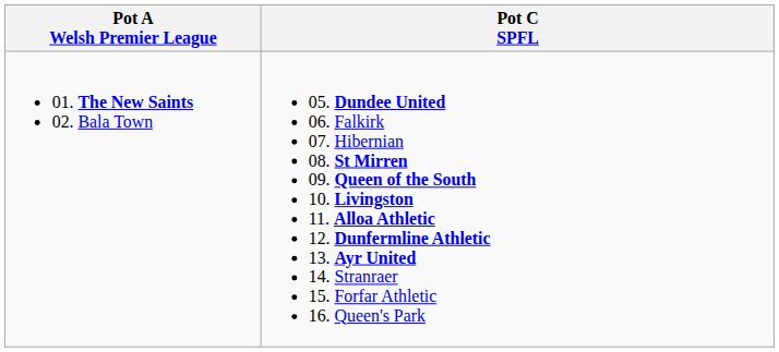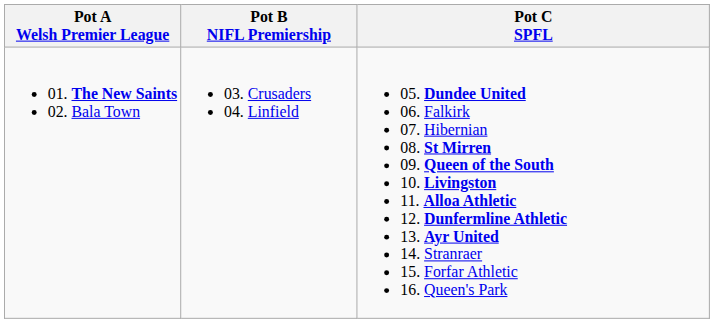 <table class="wikitable">
 <tr>
 <th style="width:25%;">Pot A<br> <a href='#'>Welsh Premier League</a></th>
+<th style="width:25%;">Pot B<br> <a href='#'>NIFL Premiership</a></th>
 <th style="width:50%;">Pot C<br> <a href='#'>SPFL</a></th>
 </tr>
 <tr>
 <td valign=top><br><ul><li>01. <strong><a href='#'>The New Saints</a></strong></li><li>02. <a href='#'>Bala Town</a></li></ul></td>
+<td valign=top><br><ul><li>03. <a href='#'>Crusaders</a></li><li>04. <a href='#'>Linfield</a></li></ul></td>
 <td valign=top><br><ul><li>05. <strong><a href='#'>Dundee United</a></strong></li><li>06. <a href='#'>Falkirk</a></li><li>07. <a href='#'>Hibernian</a></li><li>08. <strong><a href='#'>St Mirren</a></strong></li><li>09. <strong><a href='#'>Queen of the South</a></strong></li><li>10. <strong><a href='#'>Livingston</a></strong></li><li>11. <strong><a href='#'>Alloa Athletic</a></strong></li><li>12. <strong><a href='#'>Dunfermline Athletic</a></strong></li><li>13. <strong><a href='#'>Ayr United</a></strong></li><li>14. <a href='#'>Stranraer</a></li><li>15. <a href='#'>Forfar Athletic</a></li><li>16. <a href='#'>Queen's Park</a></li></ul> </td>
 </tr>
 </table>
